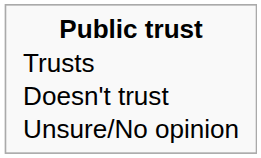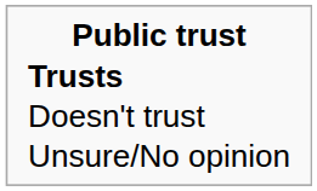 <table style="float; margin-left: 1em; margin-bottom: 0.5em" class="infobox">
 <tr>
 <td style="text-align: center"><span><strong>Public trust</strong></span></td>
 </tr>
 <tr>
-<td style="padding: 0 5px;"> Trusts</td>
+<td style="padding: 0 5px;"><strong> Trusts</strong></td>
 </tr>
 <tr>
 <td style="padding: 0 5px;"> Doesn't trust</td>
 </tr>
 <tr>
 <td style="padding: 0 5px;"> Unsure/No opinion</td>
 </tr>
 </table>
